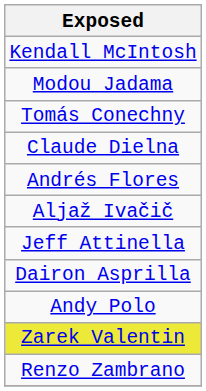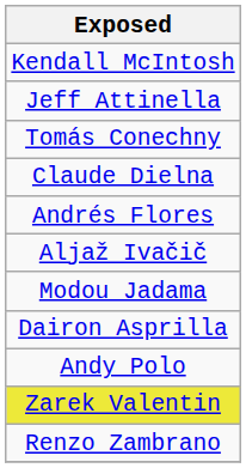 <table class="wikitable" style="text-align:center">
 <tr>
 <th>Exposed</th>
 </tr>
 <tr>
 <td><a href='#'>Kendall McIntosh</a></td>
 </tr>
 <tr>
-<td><a href='#'>Modou Jadama</a></td>
+<td><a href='#'>Jeff Attinella</a></td>
 </tr>
 <tr>
 <td><a href='#'>Tomás Conechny</a></td>
 </tr>
 <tr>
 <td><a href='#'>Claude Dielna</a></td>
 </tr>
 <tr>
 <td><a href='#'>Andrés Flores</a></td>
 </tr>
 <tr>
 <td><a href='#'>Aljaž Ivačič</a></td>
 </tr>
 <tr>
-<td><a href='#'>Jeff Attinella</a></td>
+<td><a href='#'>Modou Jadama</a></td>
 </tr>
 <tr>
 <td><a href='#'>Dairon Asprilla</a></td>
 </tr>
 <tr>
 <td><a href='#'>Andy Polo</a></td>
 </tr>
 <tr>
 <td style="background: #ede939"><a href='#'>Zarek Valentin</a></td>
 </tr>
 <tr>
 <td><a href='#'>Renzo Zambrano</a></td>
 </tr>
 <tr>
 </tr>
 </table>
